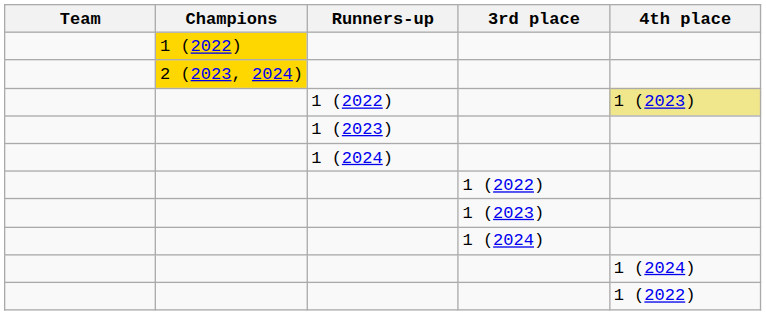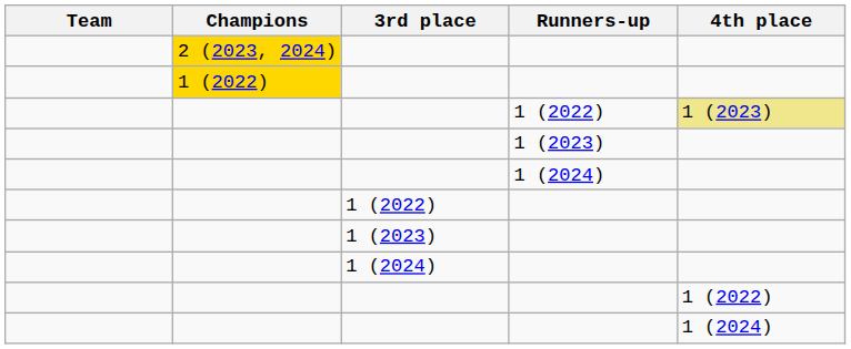 <table class="wikitable">
 <tr>
 <th style="width:20%">Team</th>
 <th style="width:20%">Champions</th>
+<th style="width:20%">3rd place</th>
 <th style="width:20%">Runners-up</th>
-<th style="width:20%">3rd place</th>
 <th style="width:20%">4th place</th>
+</tr>
+<tr>
+<td></td>
+<td style=background:gold>2 (<a href='#'>2023</a>, <a href='#'>2024</a>)</td>
+<td></td>
+<td></td>
+<td></td>
 </tr>
 <tr>
 <td></td>
 <td style=background:gold>1 (<a href='#'>2022</a>)</td>
 <td></td>
 <td></td>
 <td></td>
 </tr>
 <tr>
 <td></td>
-<td style=background:gold>2 (<a href='#'>2023</a>, <a href='#'>2024</a>)</td>
 <td></td>
 <td></td>
+<td>1 (<a href='#'>2022</a>)</td>
+<td style="background: khaki;">1 (<a href='#'>2023</a>)</td>
+</tr>
+<tr>
+<td></td>
+<td></td>
+<td></td>
+<td>1 (<a href='#'>2023</a>)</td>
+<td></td>
+</tr>
+<tr>
+<td></td>
+<td></td>
+<td></td>
+<td>1 (<a href='#'>2024</a>)</td>
 <td></td>
 </tr>
 <tr>
 <td></td>
 <td></td>
 <td>1 (<a href='#'>2022</a>)</td>
 <td></td>
-<td style="background: khaki;">1 (<a href='#'>2023</a>)</td>
+<td></td>
 </tr>
 <tr>
 <td></td>
 <td></td>
 <td>1 (<a href='#'>2023</a>)</td>
 <td></td>
 <td></td>
 </tr>
 <tr>
 <td></td>
 <td></td>
 <td>1 (<a href='#'>2024</a>)</td>
 <td></td>
 <td></td>
 </tr>
 <tr>
 <td></td>
 <td></td>
 <td></td>
+<td></td>
 <td>1 (<a href='#'>2022</a>)</td>
-<td></td>
-</tr>
-<tr>
-<td></td>
-<td></td>
-<td></td>
-<td>1 (<a href='#'>2023</a>)</td>
-<td></td>
-</tr>
-<tr>
-<td></td>
-<td></td>
-<td></td>
-<td>1 (<a href='#'>2024</a>)</td>
-<td></td>
 </tr>
 <tr>
 <td></td>
 <td></td>
 <td></td>
 <td></td>
 <td>1 (<a href='#'>2024</a>)</td>
 </tr>
-<tr>
-<td></td>
-<td></td>
-<td></td>
-<td></td>
-<td>1 (<a href='#'>2022</a>)</td>
-</tr>
 </table>
